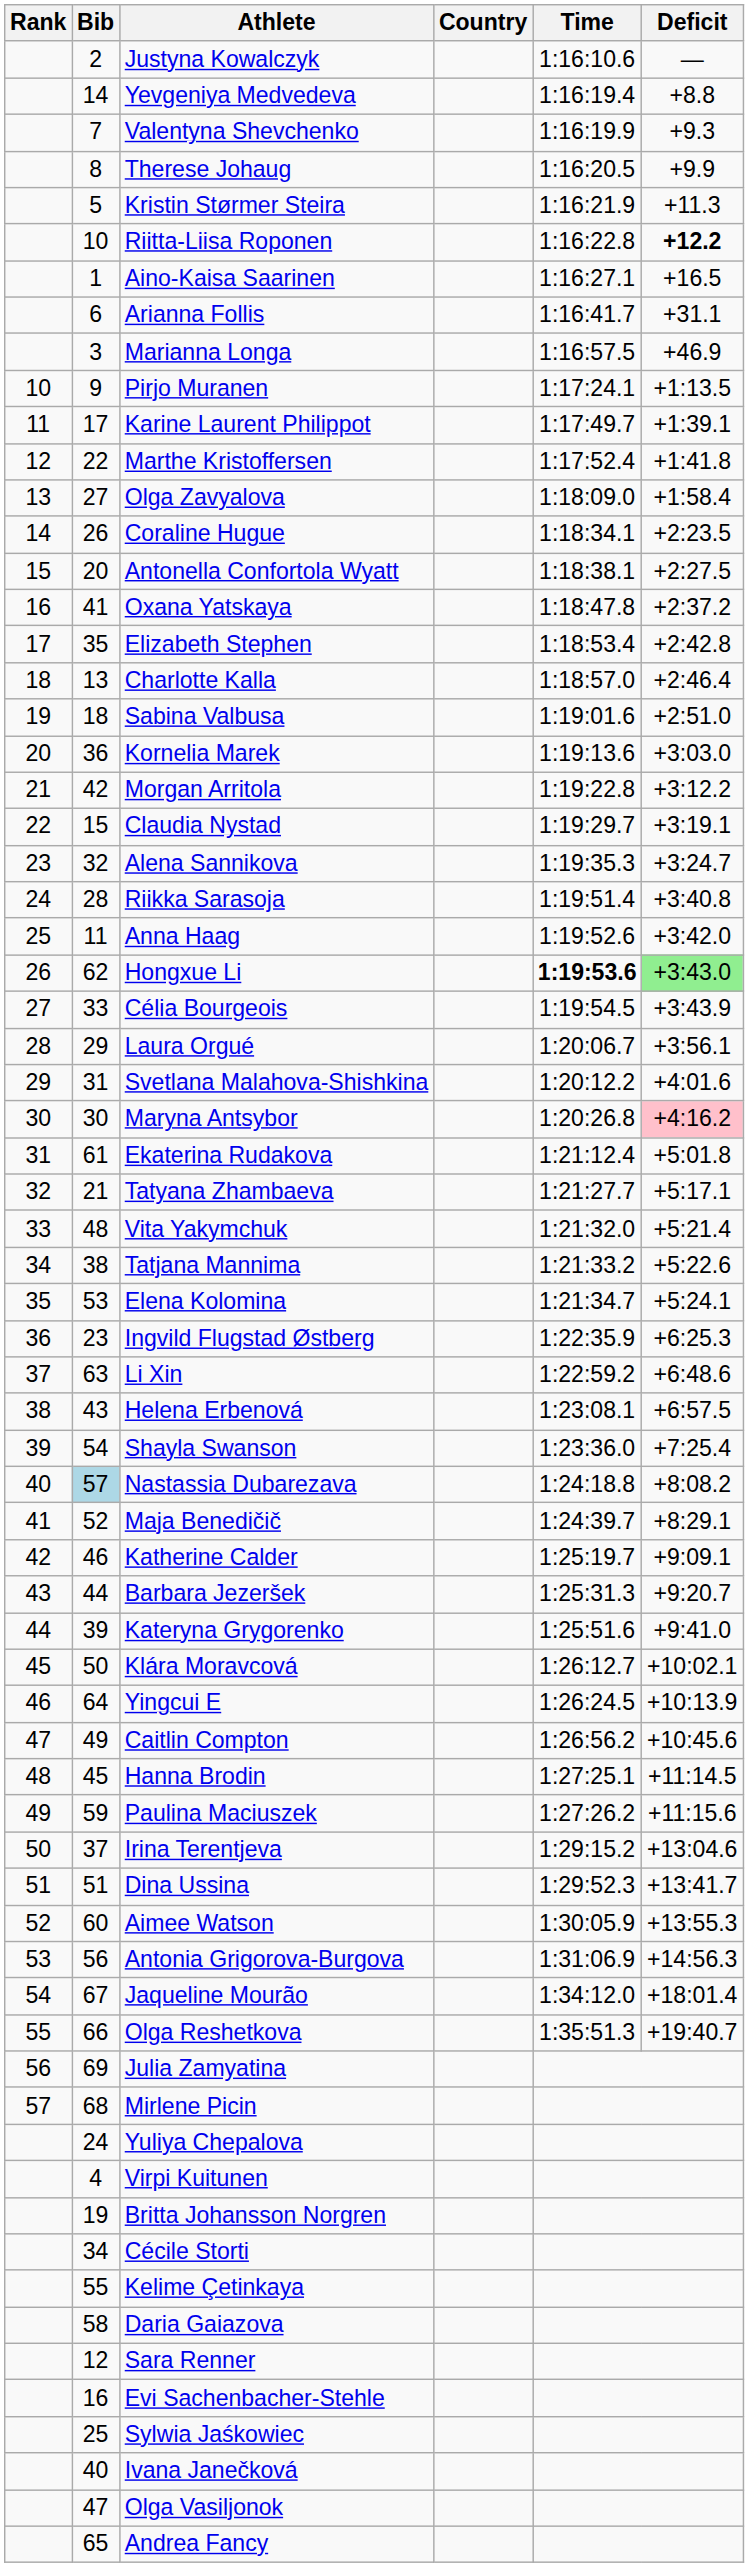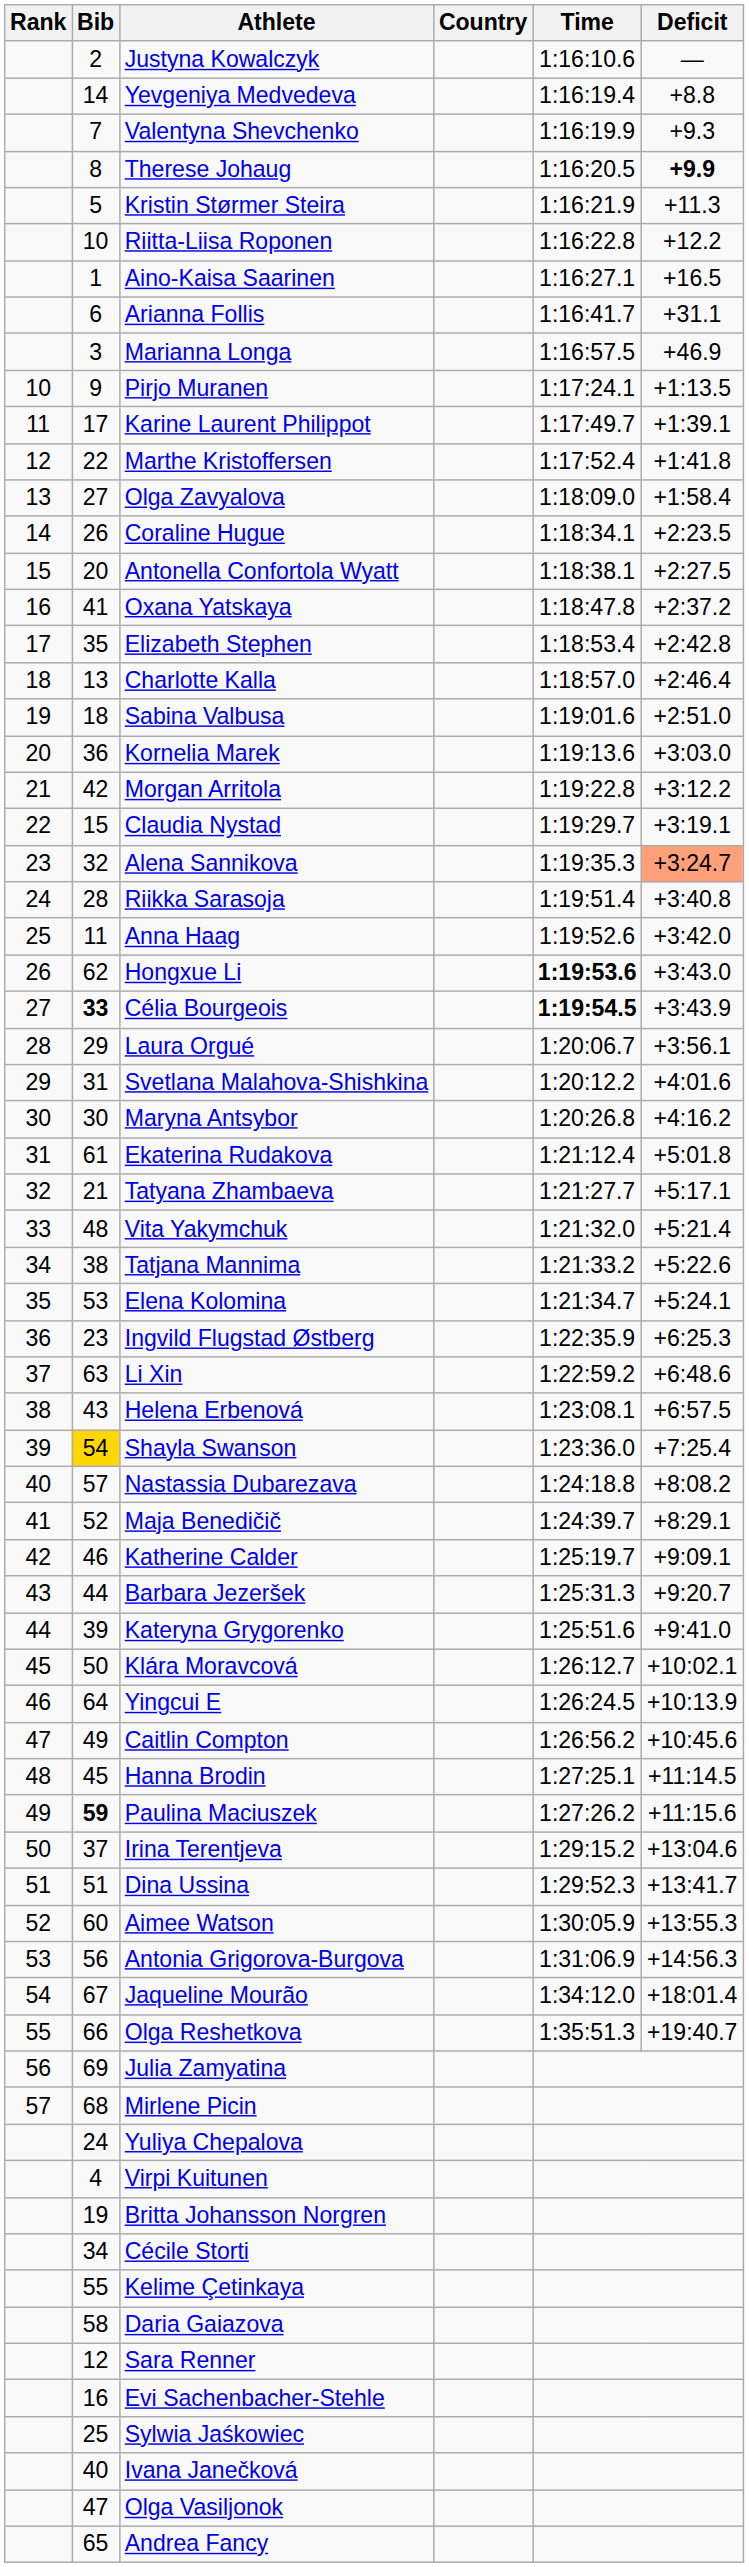 <table class="wikitable sortable" style="text-align:center">
 <tr>
 <th>Rank</th>
 <th>Bib</th>
 <th>Athlete</th>
 <th>Country</th>
 <th>Time</th>
 <th>Deficit</th>
 </tr>
 <tr>
 <td></td>
 <td>2</td>
 <td align=left><a href='#'>Justyna Kowalczyk</a></td>
 <td align=left></td>
 <td>1:16:10.6</td>
 <td>—</td>
 </tr>
 <tr>
 <td></td>
 <td>14</td>
 <td align=left><a href='#'>Yevgeniya Medvedeva</a></td>
 <td align=left></td>
 <td>1:16:19.4</td>
 <td>+8.8</td>
 </tr>
 <tr>
 <td></td>
 <td>7</td>
 <td align=left><a href='#'>Valentyna Shevchenko</a></td>
 <td align=left></td>
 <td>1:16:19.9</td>
 <td>+9.3</td>
 </tr>
 <tr>
 <td></td>
 <td>8</td>
 <td align=left><a href='#'>Therese Johaug</a></td>
 <td align=left></td>
 <td>1:16:20.5</td>
-<td>+9.9</td>
+<td><strong>+9.9</strong></td>
 </tr>
 <tr>
 <td></td>
 <td>5</td>
 <td align=left><a href='#'>Kristin Størmer Steira</a></td>
 <td align=left></td>
 <td>1:16:21.9</td>
 <td>+11.3</td>
 </tr>
 <tr>
 <td></td>
 <td>10</td>
 <td align=left><a href='#'>Riitta-Liisa Roponen</a></td>
 <td align=left></td>
 <td>1:16:22.8</td>
-<td><strong>+12.2</strong></td>
+<td>+12.2</td>
 </tr>
 <tr>
 <td></td>
 <td>1</td>
 <td align=left><a href='#'>Aino-Kaisa Saarinen</a></td>
 <td align=left></td>
 <td>1:16:27.1</td>
 <td>+16.5</td>
 </tr>
 <tr>
 <td></td>
 <td>6</td>
 <td align=left><a href='#'>Arianna Follis</a></td>
 <td align=left></td>
 <td>1:16:41.7</td>
 <td>+31.1</td>
 </tr>
 <tr>
 <td></td>
 <td>3</td>
 <td align=left><a href='#'>Marianna Longa</a></td>
 <td align=left></td>
 <td>1:16:57.5</td>
 <td>+46.9</td>
 </tr>
 <tr>
 <td>10</td>
 <td>9</td>
 <td align=left><a href='#'>Pirjo Muranen</a></td>
 <td align=left></td>
 <td>1:17:24.1</td>
 <td>+1:13.5</td>
 </tr>
 <tr>
 <td>11</td>
 <td>17</td>
 <td align=left><a href='#'>Karine Laurent Philippot</a></td>
 <td align=left></td>
 <td>1:17:49.7</td>
 <td>+1:39.1</td>
 </tr>
 <tr>
 <td>12</td>
 <td>22</td>
 <td align=left><a href='#'>Marthe Kristoffersen</a></td>
 <td align=left></td>
 <td>1:17:52.4</td>
 <td>+1:41.8</td>
 </tr>
 <tr>
 <td>13</td>
 <td>27</td>
 <td align=left><a href='#'>Olga Zavyalova</a></td>
 <td align=left></td>
 <td>1:18:09.0</td>
 <td>+1:58.4</td>
 </tr>
 <tr>
 <td>14</td>
 <td>26</td>
 <td align=left><a href='#'>Coraline Hugue</a></td>
 <td align=left></td>
 <td>1:18:34.1</td>
 <td>+2:23.5</td>
 </tr>
 <tr>
 <td>15</td>
 <td>20</td>
 <td align=left><a href='#'>Antonella Confortola Wyatt</a></td>
 <td align=left></td>
 <td>1:18:38.1</td>
 <td>+2:27.5</td>
 </tr>
 <tr>
 <td>16</td>
 <td>41</td>
 <td align=left><a href='#'>Oxana Yatskaya</a></td>
 <td align=left></td>
 <td>1:18:47.8</td>
 <td>+2:37.2</td>
 </tr>
 <tr>
 <td>17</td>
 <td>35</td>
 <td align=left><a href='#'>Elizabeth Stephen</a></td>
 <td align=left></td>
 <td>1:18:53.4</td>
 <td>+2:42.8</td>
 </tr>
 <tr>
 <td>18</td>
 <td>13</td>
 <td align=left><a href='#'>Charlotte Kalla</a></td>
 <td align=left></td>
 <td>1:18:57.0</td>
 <td>+2:46.4</td>
 </tr>
 <tr>
 <td>19</td>
 <td>18</td>
 <td align=left><a href='#'>Sabina Valbusa</a></td>
 <td align=left></td>
 <td>1:19:01.6</td>
 <td>+2:51.0</td>
 </tr>
 <tr>
 <td>20</td>
 <td>36</td>
 <td align=left><a href='#'>Kornelia Marek</a></td>
 <td align=left></td>
 <td>1:19:13.6</td>
 <td>+3:03.0</td>
 </tr>
 <tr>
 <td>21</td>
 <td>42</td>
 <td align=left><a href='#'>Morgan Arritola</a></td>
 <td align=left></td>
 <td>1:19:22.8</td>
 <td>+3:12.2</td>
 </tr>
 <tr>
 <td>22</td>
 <td>15</td>
 <td align=left><a href='#'>Claudia Nystad</a></td>
 <td align=left></td>
 <td>1:19:29.7</td>
 <td>+3:19.1</td>
 </tr>
 <tr>
 <td>23</td>
 <td>32</td>
 <td align=left><a href='#'>Alena Sannikova</a></td>
 <td align=left></td>
 <td>1:19:35.3</td>
-<td>+3:24.7</td>
+<td style="background: lightsalmon;">+3:24.7</td>
 </tr>
 <tr>
 <td>24</td>
 <td>28</td>
 <td align=left><a href='#'>Riikka Sarasoja</a></td>
 <td align=left></td>
 <td>1:19:51.4</td>
 <td>+3:40.8</td>
 </tr>
 <tr>
 <td>25</td>
 <td>11</td>
 <td align=left><a href='#'>Anna Haag</a></td>
 <td align=left></td>
 <td>1:19:52.6</td>
 <td>+3:42.0</td>
 </tr>
 <tr>
 <td>26</td>
 <td>62</td>
 <td align=left><a href='#'>Hongxue Li</a></td>
 <td align=left></td>
 <td><strong>1:19:53.6</strong></td>
-<td style="background: lightgreen;">+3:43.0</td>
+<td>+3:43.0</td>
 </tr>
 <tr>
 <td>27</td>
-<td>33</td>
+<td><strong>33</strong></td>
 <td align=left><a href='#'>Célia Bourgeois</a></td>
 <td align=left></td>
-<td>1:19:54.5</td>
+<td><strong>1:19:54.5</strong></td>
 <td>+3:43.9</td>
 </tr>
 <tr>
 <td>28</td>
 <td>29</td>
 <td align=left><a href='#'>Laura Orgué</a></td>
 <td align=left></td>
 <td>1:20:06.7</td>
 <td>+3:56.1</td>
 </tr>
 <tr>
 <td>29</td>
 <td>31</td>
 <td align=left><a href='#'>Svetlana Malahova-Shishkina</a></td>
 <td align=left></td>
 <td>1:20:12.2</td>
 <td>+4:01.6</td>
 </tr>
 <tr>
 <td>30</td>
 <td>30</td>
 <td align=left><a href='#'>Maryna Antsybor</a></td>
 <td align=left></td>
 <td>1:20:26.8</td>
-<td style="background: pink;">+4:16.2</td>
+<td>+4:16.2</td>
 </tr>
 <tr>
 <td>31</td>
 <td>61</td>
 <td align=left><a href='#'>Ekaterina Rudakova</a></td>
 <td align=left></td>
 <td>1:21:12.4</td>
 <td>+5:01.8</td>
 </tr>
 <tr>
 <td>32</td>
 <td>21</td>
 <td align=left><a href='#'>Tatyana Zhambaeva</a></td>
 <td align=left></td>
 <td>1:21:27.7</td>
 <td>+5:17.1</td>
 </tr>
 <tr>
 <td>33</td>
 <td>48</td>
 <td align=left><a href='#'>Vita Yakymchuk</a></td>
 <td align=left></td>
 <td>1:21:32.0</td>
 <td>+5:21.4</td>
 </tr>
 <tr>
 <td>34</td>
 <td>38</td>
 <td align=left><a href='#'>Tatjana Mannima</a></td>
 <td align=left></td>
 <td>1:21:33.2</td>
 <td>+5:22.6</td>
 </tr>
 <tr>
 <td>35</td>
 <td>53</td>
 <td align=left><a href='#'>Elena Kolomina</a></td>
 <td align=left></td>
 <td>1:21:34.7</td>
 <td>+5:24.1</td>
 </tr>
 <tr>
 <td>36</td>
 <td>23</td>
 <td align=left><a href='#'>Ingvild Flugstad Østberg</a></td>
 <td align=left></td>
 <td>1:22:35.9</td>
 <td>+6:25.3</td>
 </tr>
 <tr>
 <td>37</td>
 <td>63</td>
 <td align=left><a href='#'>Li Xin</a></td>
 <td align=left></td>
 <td>1:22:59.2</td>
 <td>+6:48.6</td>
 </tr>
 <tr>
 <td>38</td>
 <td>43</td>
 <td align=left><a href='#'>Helena Erbenová</a></td>
 <td align=left></td>
 <td>1:23:08.1</td>
 <td>+6:57.5</td>
 </tr>
 <tr>
 <td>39</td>
-<td>54</td>
+<td style="background: gold;">54</td>
 <td align=left><a href='#'>Shayla Swanson</a></td>
 <td align=left></td>
 <td>1:23:36.0</td>
 <td>+7:25.4</td>
 </tr>
 <tr>
 <td>40</td>
-<td style="background: lightblue;">57</td>
+<td>57</td>
 <td align=left><a href='#'>Nastassia Dubarezava</a></td>
 <td align=left></td>
 <td>1:24:18.8</td>
 <td>+8:08.2</td>
 </tr>
 <tr>
 <td>41</td>
 <td>52</td>
 <td align=left><a href='#'>Maja Benedičič</a></td>
 <td align=left></td>
 <td>1:24:39.7</td>
 <td>+8:29.1</td>
 </tr>
 <tr>
 <td>42</td>
 <td>46</td>
 <td align=left><a href='#'>Katherine Calder</a></td>
 <td align=left></td>
 <td>1:25:19.7</td>
 <td>+9:09.1</td>
 </tr>
 <tr>
 <td>43</td>
 <td>44</td>
 <td align=left><a href='#'>Barbara Jezeršek</a></td>
 <td align=left></td>
 <td>1:25:31.3</td>
 <td>+9:20.7</td>
 </tr>
 <tr>
 <td>44</td>
 <td>39</td>
 <td align=left><a href='#'>Kateryna Grygorenko</a></td>
 <td align=left></td>
 <td>1:25:51.6</td>
 <td>+9:41.0</td>
 </tr>
 <tr>
 <td>45</td>
 <td>50</td>
 <td align=left><a href='#'>Klára Moravcová</a></td>
 <td align=left></td>
 <td>1:26:12.7</td>
 <td>+10:02.1</td>
 </tr>
 <tr>
 <td>46</td>
 <td>64</td>
 <td align=left><a href='#'>Yingcui E</a></td>
 <td align=left></td>
 <td>1:26:24.5</td>
 <td>+10:13.9</td>
 </tr>
 <tr>
 <td>47</td>
 <td>49</td>
 <td align=left><a href='#'>Caitlin Compton</a></td>
 <td align=left></td>
 <td>1:26:56.2</td>
 <td>+10:45.6</td>
 </tr>
 <tr>
 <td>48</td>
 <td>45</td>
 <td align=left><a href='#'>Hanna Brodin</a></td>
 <td align=left></td>
 <td>1:27:25.1</td>
 <td>+11:14.5</td>
 </tr>
 <tr>
 <td>49</td>
-<td>59</td>
+<td><strong>59</strong></td>
 <td align=left><a href='#'>Paulina Maciuszek</a></td>
 <td align=left></td>
 <td>1:27:26.2</td>
 <td>+11:15.6</td>
 </tr>
 <tr>
 <td>50</td>
 <td>37</td>
 <td align=left><a href='#'>Irina Terentjeva</a></td>
 <td align=left></td>
 <td>1:29:15.2</td>
 <td>+13:04.6</td>
 </tr>
 <tr>
 <td>51</td>
 <td>51</td>
 <td align=left><a href='#'>Dina Ussina</a></td>
 <td align=left></td>
 <td>1:29:52.3</td>
 <td>+13:41.7</td>
 </tr>
 <tr>
 <td>52</td>
 <td>60</td>
 <td align=left><a href='#'>Aimee Watson</a></td>
 <td align=left></td>
 <td>1:30:05.9</td>
 <td>+13:55.3</td>
 </tr>
 <tr>
 <td>53</td>
 <td>56</td>
 <td align=left><a href='#'>Antonia Grigorova-Burgova</a></td>
 <td align=left></td>
 <td>1:31:06.9</td>
 <td>+14:56.3</td>
 </tr>
 <tr>
 <td>54</td>
 <td>67</td>
 <td align=left><a href='#'>Jaqueline Mourão</a></td>
 <td align=left></td>
 <td>1:34:12.0</td>
 <td>+18:01.4</td>
 </tr>
 <tr>
 <td>55</td>
 <td>66</td>
 <td align=left><a href='#'>Olga Reshetkova</a></td>
 <td align=left></td>
 <td>1:35:51.3</td>
 <td>+19:40.7</td>
 </tr>
 <tr>
 <td>56</td>
 <td>69</td>
 <td align=left><a href='#'>Julia Zamyatina</a></td>
 <td align=left></td>
 <td colspan="2"></td>
 </tr>
 <tr>
 <td>57</td>
 <td>68</td>
 <td align=left><a href='#'>Mirlene Picin</a></td>
 <td align=left></td>
 <td colspan="2"></td>
 </tr>
 <tr>
 <td></td>
 <td>24</td>
 <td align=left><a href='#'>Yuliya Chepalova</a></td>
 <td align=left></td>
 <td colspan="2"></td>
 </tr>
 <tr>
 <td></td>
 <td>4</td>
 <td align=left><a href='#'>Virpi Kuitunen</a></td>
 <td align=left></td>
 <td colspan="2"></td>
 </tr>
 <tr>
 <td></td>
 <td>19</td>
 <td align=left><a href='#'>Britta Johansson Norgren</a></td>
 <td align=left></td>
 <td colspan="2"></td>
 </tr>
 <tr>
 <td></td>
 <td>34</td>
 <td align=left><a href='#'>Cécile Storti</a></td>
 <td align=left></td>
 <td colspan="2"></td>
 </tr>
 <tr>
 <td></td>
 <td>55</td>
 <td align=left><a href='#'>Kelime Çetinkaya</a></td>
 <td align=left></td>
 <td colspan="2"></td>
 </tr>
 <tr>
 <td></td>
 <td>58</td>
 <td align=left><a href='#'>Daria Gaiazova</a></td>
 <td align=left></td>
 <td colspan="2"></td>
 </tr>
 <tr>
 <td></td>
 <td>12</td>
 <td align=left><a href='#'>Sara Renner</a></td>
 <td align=left></td>
 <td colspan="2"></td>
 </tr>
 <tr>
 <td></td>
 <td>16</td>
 <td align=left><a href='#'>Evi Sachenbacher-Stehle</a></td>
 <td align=left></td>
 <td colspan="2"></td>
 </tr>
 <tr>
 <td></td>
 <td>25</td>
 <td align=left><a href='#'>Sylwia Jaśkowiec</a></td>
 <td align=left></td>
 <td colspan="2"></td>
 </tr>
 <tr>
 <td></td>
 <td>40</td>
 <td align=left><a href='#'>Ivana Janečková</a></td>
 <td align=left></td>
 <td colspan="2"></td>
 </tr>
 <tr>
 <td></td>
 <td>47</td>
 <td align=left><a href='#'>Olga Vasiljonok</a></td>
 <td align=left></td>
 <td colspan="2"></td>
 </tr>
 <tr>
 <td></td>
 <td>65</td>
 <td align=left><a href='#'>Andrea Fancy</a></td>
 <td align=left></td>
 <td colspan="2"></td>
 </tr>
 </table>
